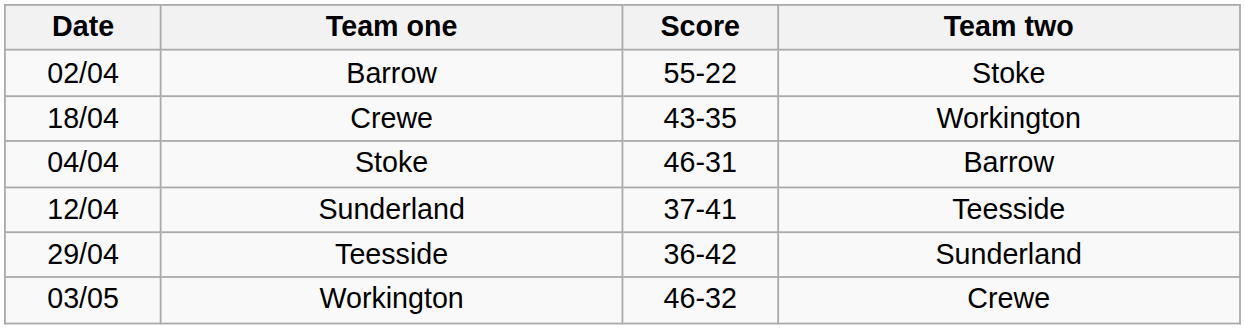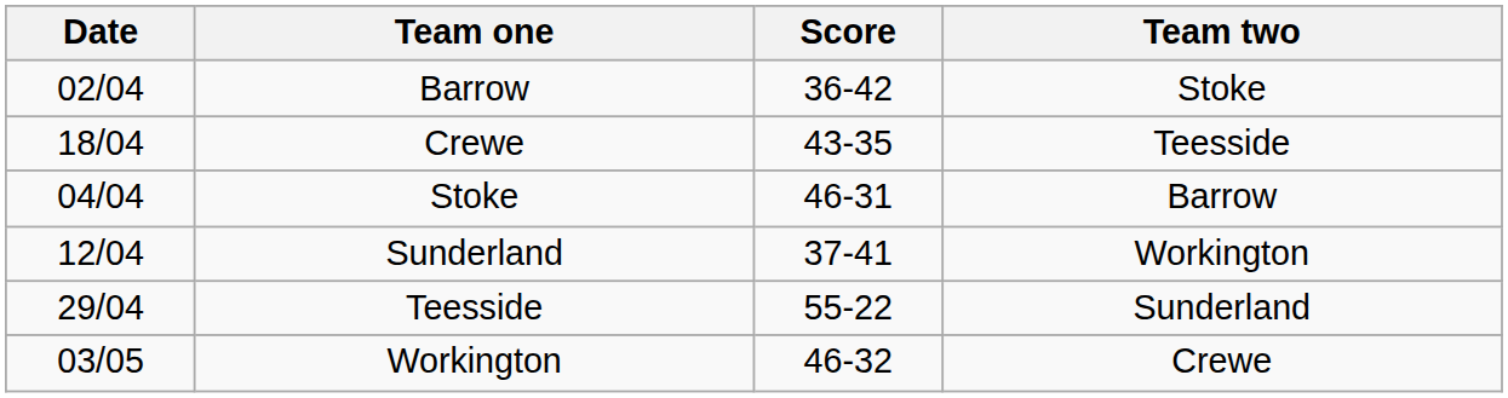 <table class="wikitable" style="text-align: center">
 <tr>
 <th width=80>Date</th>
 <th width=250>Team one</th>
 <th width=80>Score</th>
 <th width=250>Team two</th>
 </tr>
 <tr>
 <td>02/04</td>
 <td>Barrow</td>
-<td>55-22</td>
+<td>36-42</td>
 <td>Stoke</td>
 </tr>
 <tr>
 <td>18/04</td>
 <td>Crewe</td>
 <td>43-35</td>
-<td>Workington</td>
+<td>Teesside</td>
 </tr>
 <tr>
 <td>04/04</td>
 <td>Stoke</td>
 <td>46-31</td>
 <td>Barrow</td>
 </tr>
 <tr>
 <td>12/04</td>
 <td>Sunderland</td>
 <td>37-41</td>
-<td>Teesside</td>
+<td>Workington</td>
 </tr>
 <tr>
 <td>29/04</td>
 <td>Teesside</td>
-<td>36-42</td>
+<td>55-22</td>
 <td>Sunderland</td>
 </tr>
 <tr>
 <td>03/05</td>
 <td>Workington</td>
 <td>46-32</td>
 <td>Crewe</td>
 </tr>
 </table>
